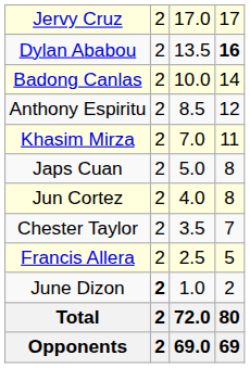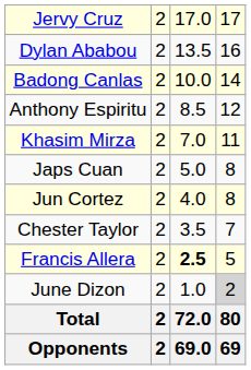 <table class=wikitable font-size:95%>
 <tr align=center bgcolor=#ffffdd>
 <td><a href='#'>Jervy Cruz</a></td>
 <td>2</td>
 <td style=>17.0</td>
 <td style=>17</td>
 </tr>
 <tr align=center>
 <td><a href='#'>Dylan Ababou</a></td>
 <td>2</td>
 <td>13.5</td>
-<td><strong>16</strong></td>
+<td>16</td>
 </tr>
 <tr align=center bgcolor=#ffffdd>
 <td><a href='#'>Badong Canlas</a></td>
 <td>2</td>
 <td>10.0</td>
 <td>14</td>
 </tr>
 <tr align=center>
 <td>Anthony Espiritu</td>
 <td>2</td>
 <td>8.5</td>
 <td>12</td>
 </tr>
 <tr align=center bgcolor=#ffffdd>
 <td><a href='#'>Khasim Mirza</a></td>
 <td>2</td>
 <td>7.0</td>
 <td>11</td>
 </tr>
 <tr align=center>
 <td>Japs Cuan</td>
 <td>2</td>
 <td>5.0</td>
 <td>8</td>
 </tr>
 <tr align=center bgcolor=#ffffdd>
 <td>Jun Cortez</td>
 <td>2</td>
 <td>4.0</td>
 <td>8</td>
 </tr>
 <tr align=center>
 <td>Chester Taylor</td>
 <td>2</td>
 <td>3.5</td>
 <td>7</td>
 </tr>
 <tr align=center bgcolor=#ffffdd>
 <td><a href='#'>Francis Allera</a></td>
 <td>2</td>
-<td>2.5</td>
+<td><strong>2.5</strong></td>
 <td>5</td>
 </tr>
 <tr align=center>
 <td>June Dizon</td>
-<td><strong>2</strong></td>
+<td>2</td>
 <td>1.0</td>
-<td>2</td>
+<td style="background: lightgrey;">2</td>
 </tr>
 <tr class=sortbottom>
 <th>Total</th>
 <th>2</th>
 <th>72.0</th>
 <th>80</th>
 </tr>
 <tr class=sortbottom>
 <th>Opponents</th>
 <th>2</th>
 <th>69.0</th>
 <th>69</th>
 </tr>
 </table>
